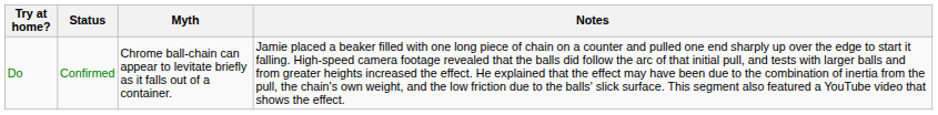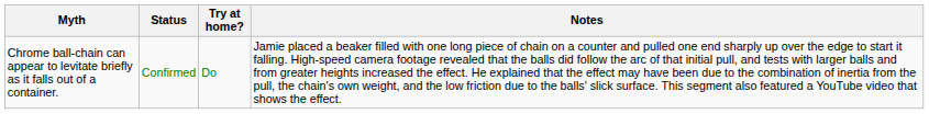 <table class="wikitable plainrowheaders">
 <tr>
+<th scope"col">Myth</th>
+<th scope"col">Status</th>
 <th scope"col">Try at home?</th>
-<th scope"col">Status</th>
-<th scope"col">Myth</th>
 <th scope"col">Notes</th>
 </tr>
 <tr>
+<td scope"row">Chrome ball-chain can appear to levitate briefly as it falls out of a container.</td>
+<td style="color:green">Confirmed</td>
 <td style="color:green">Do</td>
-<td style="color:green">Confirmed</td>
-<td scope"row">Chrome ball-chain can appear to levitate briefly as it falls out of a container.</td>
 <td>Jamie placed a beaker filled with one long piece of chain on a counter and pulled one end sharply up over the edge to start it falling. High-speed camera footage revealed that the balls did follow the arc of that initial pull, and tests with larger balls and from greater heights increased the effect. He explained that the effect may have been due to the combination of inertia from the pull, the chain's own weight, and the low friction due to the balls' slick surface. This segment also featured a YouTube video that shows the effect.</td>
 </tr>
 </table>
